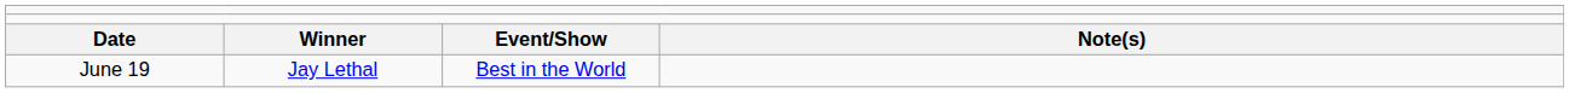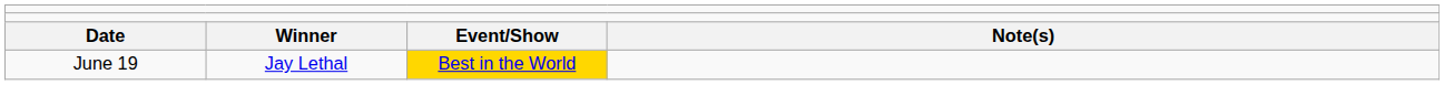 <table class="wikitable" style="text-align:center; width:100%;">
 <tr>
 <td colspan="5"></td>
 </tr>
 <tr>
 <td colspan="5"><strong></strong></td>
 </tr>
 <tr>
 <th width=14%>Date</th>
 <th width=14%>Winner</th>
 <th width=14%>Event/Show</th>
 <th width=58%>Note(s)</th>
 </tr>
 <tr>
 <td>June 19</td>
 <td><a href='#'>Jay Lethal</a></td>
-<td><a href='#'>Best in the World</a></td>
+<td style="background: gold;"><a href='#'>Best in the World</a></td>
 <td align="left"></td>
 </tr>
 </table>
